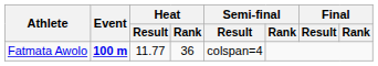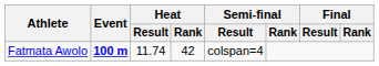 <table class=wikitable style=font-size:90%>
 <tr>
 <th rowspan=2>Athlete</th>
 <th rowspan=2>Event</th>
 <th colspan=2>Heat</th>
 <th colspan=2>Semi-final</th>
 <th colspan=2>Final</th>
 </tr>
 <tr style=font-size:95%>
 <th>Result</th>
 <th>Rank</th>
 <th>Result</th>
 <th>Rank</th>
 <th>Result</th>
 <th>Rank</th>
 </tr>
 <tr align=center>
 <td align=left><a href='#'>Fatmata Awolo</a></td>
 <td align=left><strong><a href='#'>100 m</a></strong></td>
-<td>11.77</td>
-<td>36</td>
+<td>11.74</td>
+<td>42</td>
 <td>colspan=4 </td>
 </tr>
 </table>
